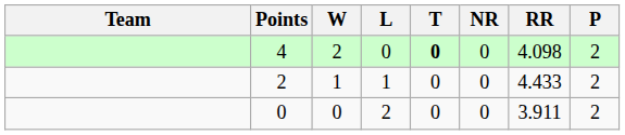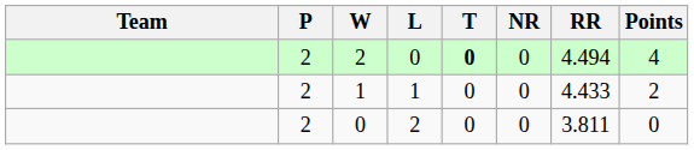 <table class="wikitable" style="text-align: center;">
 <tr>
 <th style="width:40%;">Team</th>
-<th style="width:10%;">Points</th>
+<th style="width:8%;">P</th>
 <th style="width:8%;">W</th>
 <th style="width:8%;">L</th>
 <th style="width:8%;">T</th>
 <th style="width:8%;">NR</th>
 <th style="width:10%;">RR</th>
-<th style="width:8%;">P</th>
+<th style="width:10%;">Points</th>
 </tr>
 <tr style="background:#cfc;">
 <td align=left></td>
-<td>4</td>
+<td>2</td>
 <td>2</td>
 <td>0</td>
 <td><strong>0</strong></td>
 <td>0</td>
-<td>4.098</td>
-<td>2</td>
+<td>4.494</td>
+<td>4</td>
 </tr>
 <tr>
 <td align=left></td>
 <td>2</td>
 <td>1</td>
 <td>1</td>
 <td>0</td>
 <td>0</td>
 <td>4.433</td>
 <td>2</td>
 </tr>
 <tr>
 <td align=left></td>
-<td>0</td>
+<td>2</td>
 <td>0</td>
 <td>2</td>
 <td>0</td>
 <td>0</td>
-<td>3.911</td>
-<td>2</td>
+<td>3.811</td>
+<td>0</td>
 </tr>
 </table>
